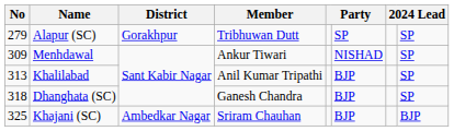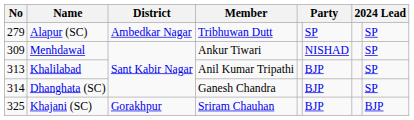 <table class="wikitable">
 <tr>
 <th>No</th>
 <th>Name</th>
 <th>District</th>
 <th>Member</th>
 <th colspan="2">Party</th>
 <th colspan="2">2024 Lead</th>
 </tr>
 <tr>
 <td>279</td>
 <td><a href='#'>Alapur</a> (SC)</td>
-<td><a href='#'>Gorakhpur</a></td>
+<td><a href='#'>Ambedkar Nagar</a></td>
 <td><a href='#'>Tribhuwan Dutt</a></td>
 <td style="background-color: "></td>
 <td><a href='#'>SP</a></td>
 <td style="background-color: "></td>
 <td><a href='#'>SP</a></td>
 </tr>
 <tr>
 <td>309</td>
 <td><a href='#'>Menhdawal</a></td>
 <td rowspan="3"><a href='#'>Sant Kabir Nagar</a></td>
 <td>Ankur Tiwari</td>
 <td style="background-color: "></td>
 <td><a href='#'>NISHAD</a></td>
 <td style="background-color: "></td>
 <td><a href='#'>SP</a></td>
 </tr>
 <tr>
 <td>313</td>
 <td><a href='#'>Khalilabad</a></td>
 <td>Anil Kumar Tripathi</td>
 <td style="background-color: "></td>
 <td><a href='#'>BJP</a></td>
 <td style="background-color: "></td>
 <td><a href='#'>SP</a></td>
 </tr>
 <tr>
-<td>318</td>
+<td>314</td>
 <td><a href='#'>Dhanghata</a> (SC)</td>
 <td>Ganesh Chandra</td>
 <td style="background-color: "></td>
 <td><a href='#'>BJP</a></td>
 <td style="background-color: "></td>
 <td><a href='#'>SP</a></td>
 </tr>
 <tr>
 <td>325</td>
 <td><a href='#'>Khajani</a> (SC)</td>
-<td><a href='#'>Ambedkar Nagar</a></td>
+<td><a href='#'>Gorakhpur</a></td>
 <td><a href='#'>Sriram Chauhan</a></td>
 <td style="background-color: "></td>
 <td><a href='#'>BJP</a></td>
 <td style="background-color: "></td>
 <td><a href='#'>BJP</a></td>
 </tr>
 </table>
